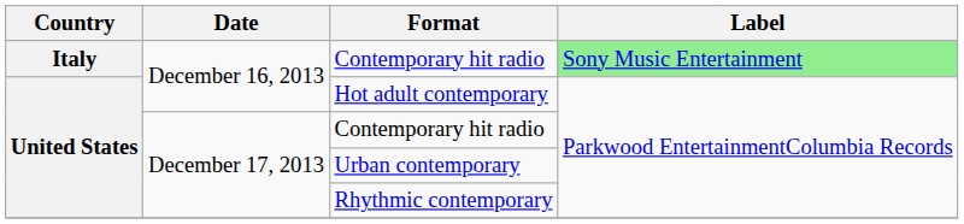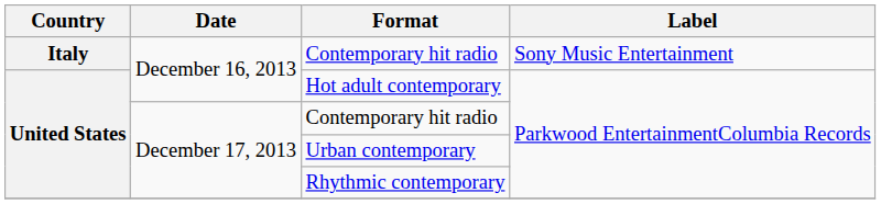 <table class="wikitable plainrowheaders">
 <tr>
 <th scope="col">Country</th>
 <th scope="col">Date</th>
 <th scope="col">Format</th>
 <th scope="col">Label</th>
 </tr>
 <tr>
 <th scope="row">Italy</th>
 <td rowspan="2">December 16, 2013</td>
 <td><a href='#'>Contemporary hit radio</a></td>
-<td style="background: lightgreen;"><a href='#'>Sony Music Entertainment</a></td>
+<td><a href='#'>Sony Music Entertainment</a></td>
 </tr>
 <tr>
 <th scope="row" rowspan="4">United States</th>
 <td><a href='#'>Hot adult contemporary</a></td>
 <td rowspan="4"><a href='#'>Parkwood Entertainment</a><a href='#'>Columbia Records</a></td>
 </tr>
 <tr>
 <td rowspan="3">December 17, 2013</td>
 <td>Contemporary hit radio</td>
 </tr>
 <tr>
 <td><a href='#'>Urban contemporary</a></td>
 </tr>
 <tr>
 <td><a href='#'>Rhythmic contemporary</a></td>
 </tr>
 <tr>
 </tr>
 </table>
